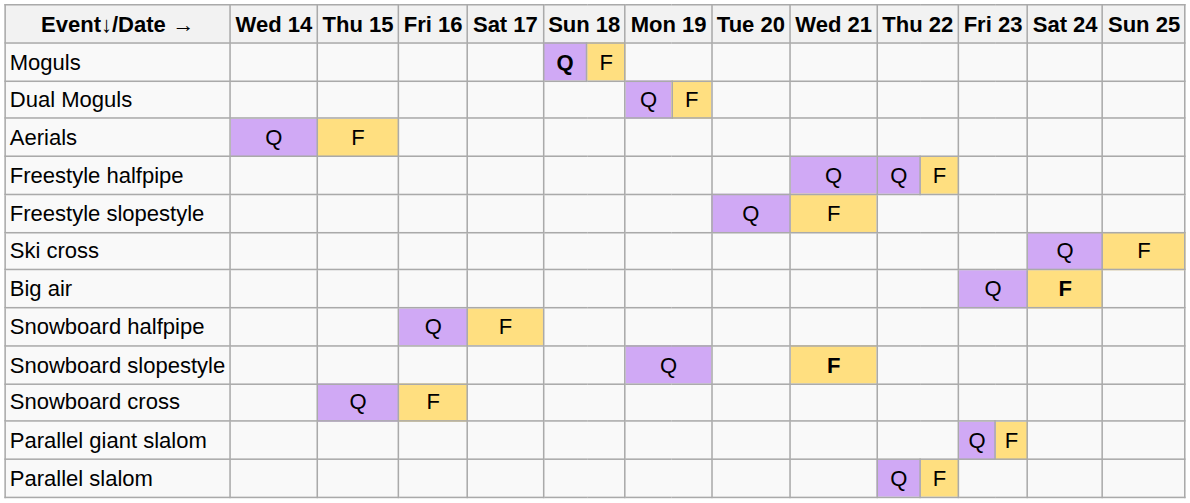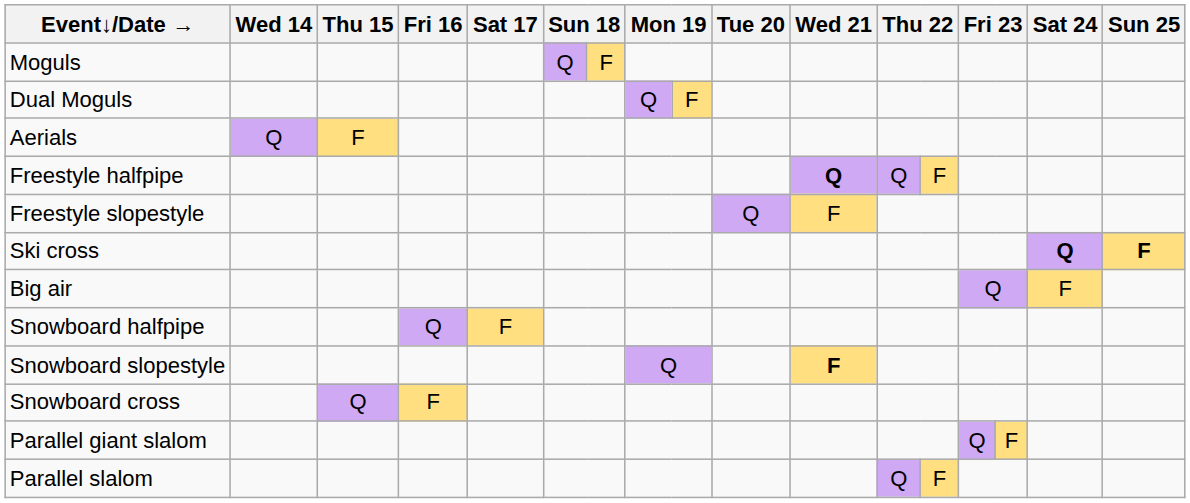 <table class="wikitable" style="margin:0.5em auto; font-size:90%; line-height:1.25em;">
 <tr style="text-align:center;">
 <th>Event↓/Date →</th>
 <th>Wed 14</th>
 <th>Thu 15</th>
 <th>Fri 16</th>
 <th>Sat 17</th>
 <th colspan=2>Sun 18</th>
 <th colspan=2>Mon 19</th>
 <th>Tue 20</th>
 <th>Wed 21</th>
 <th colspan=2>Thu 22</th>
 <th colspan=2>Fri 23</th>
 <th>Sat 24</th>
 <th>Sun 25</th>
 </tr>
 <tr style="text-align:center;">
 <td style="text-align:left;">Moguls</td>
 <td></td>
 <td></td>
 <td></td>
 <td></td>
-<td style="background-color:#D0A9F5;"><strong>Q</strong></td>
+<td style="background-color:#D0A9F5;">Q</td>
 <td style="background-color:#FFDF80;">F</td>
 <td colspan=2></td>
 <td></td>
 <td></td>
 <td colspan=2></td>
 <td colspan=2></td>
 <td></td>
 <td></td>
 </tr>
 <tr style="text-align:center;">
 <td style="text-align:left;">Dual Moguls</td>
 <td></td>
 <td></td>
 <td></td>
 <td></td>
 <td colspan=2></td>
 <td style="background-color:#D0A9F5;">Q</td>
 <td style="background-color:#FFDF80;">F</td>
 <td></td>
 <td></td>
 <td colspan=2></td>
 <td colspan=2></td>
 <td></td>
 <td></td>
 </tr>
 <tr style="text-align:center;">
 <td style="text-align:left;">Aerials</td>
 <td style="background-color:#D0A9F5;">Q</td>
 <td style="background-color:#FFDF80;">F</td>
 <td></td>
 <td></td>
 <td colspan=2></td>
 <td colspan=2></td>
 <td></td>
 <td></td>
 <td colspan=2></td>
 <td colspan=2></td>
 <td></td>
 <td></td>
 </tr>
 <tr style="text-align:center;">
 <td style="text-align:left;">Freestyle halfpipe</td>
 <td></td>
 <td></td>
 <td></td>
 <td></td>
 <td colspan=2></td>
 <td colspan=2></td>
 <td></td>
-<td style="background-color:#D0A9F5;">Q</td>
+<td style="background-color:#D0A9F5;"><strong>Q</strong></td>
 <td style="background-color:#D0A9F5;">Q</td>
 <td style="background-color:#FFDF80;">F</td>
 <td colspan=2></td>
 <td></td>
 <td></td>
 </tr>
 <tr style="text-align:center;">
 <td style="text-align:left;">Freestyle slopestyle</td>
 <td></td>
 <td></td>
 <td></td>
 <td></td>
 <td colspan=2></td>
 <td colspan=2></td>
 <td style="background-color:#D0A9F5;">Q</td>
 <td style="background-color:#FFDF80;">F</td>
 <td colspan=2></td>
 <td colspan=2></td>
 <td></td>
 <td></td>
 </tr>
 <tr style="text-align:center;">
 <td style="text-align:left;">Ski cross</td>
 <td></td>
 <td></td>
 <td></td>
 <td></td>
 <td colspan=2></td>
 <td colspan=2></td>
 <td></td>
 <td></td>
 <td colspan=2></td>
 <td colspan=2></td>
-<td style="background-color:#D0A9F5;">Q</td>
-<td style="background-color:#FFDF80;">F</td>
+<td style="background-color:#D0A9F5;"><strong>Q</strong></td>
+<td style="background-color:#FFDF80;"><strong>F</strong></td>
 </tr>
 <tr style="text-align:center;">
 <td style="text-align:left;">Big air</td>
 <td></td>
 <td></td>
 <td></td>
 <td></td>
 <td colspan=2></td>
 <td colspan=2></td>
 <td></td>
 <td></td>
 <td colspan=2></td>
 <td colspan=2 style="background-color:#D0A9F5;">Q</td>
-<td style="background-color:#FFDF80;"><strong>F</strong></td>
+<td style="background-color:#FFDF80;">F</td>
 <td></td>
 </tr>
 <tr style="text-align:center;">
 <td style="text-align:left;">Snowboard halfpipe</td>
 <td></td>
 <td></td>
 <td style="background-color:#D0A9F5;">Q</td>
 <td style="background-color:#FFDF80;">F</td>
 <td colspan=2></td>
 <td colspan=2></td>
 <td></td>
 <td></td>
 <td colspan=2></td>
 <td colspan=2></td>
 <td></td>
 <td></td>
 </tr>
 <tr style="text-align:center;">
 <td style="text-align:left;">Snowboard slopestyle</td>
 <td></td>
 <td></td>
 <td></td>
 <td></td>
 <td colspan=2></td>
 <td colspan=2 style="background-color:#D0A9F5;">Q</td>
 <td></td>
 <td style="background-color:#FFDF80;"><strong>F</strong></td>
 <td colspan=2></td>
 <td colspan=2></td>
 <td></td>
 <td></td>
 </tr>
 <tr style="text-align:center;">
 <td style="text-align:left;">Snowboard cross</td>
 <td></td>
 <td style="background-color:#D0A9F5;">Q</td>
 <td style="background-color:#FFDF80;">F</td>
 <td></td>
 <td colspan=2></td>
 <td colspan=2></td>
 <td></td>
 <td></td>
 <td colspan=2></td>
 <td colspan=2></td>
 <td></td>
 <td></td>
 </tr>
 <tr style="text-align:center;">
 <td style="text-align:left;">Parallel giant slalom</td>
 <td></td>
 <td></td>
 <td></td>
 <td></td>
 <td colspan=2></td>
 <td colspan=2></td>
 <td></td>
 <td></td>
 <td colspan=2></td>
 <td style="background-color:#D0A9F5;">Q</td>
 <td style="background-color:#FFDF80;">F</td>
 <td></td>
 <td></td>
 </tr>
 <tr style="text-align:center;">
 <td style="text-align:left;">Parallel slalom</td>
 <td></td>
 <td></td>
 <td></td>
 <td></td>
 <td colspan=2></td>
 <td colspan=2></td>
 <td></td>
 <td></td>
 <td style="background-color:#D0A9F5;">Q</td>
 <td style="background-color:#FFDF80;">F</td>
 <td colspan=2></td>
 <td></td>
 <td></td>
 </tr>
 </table>
